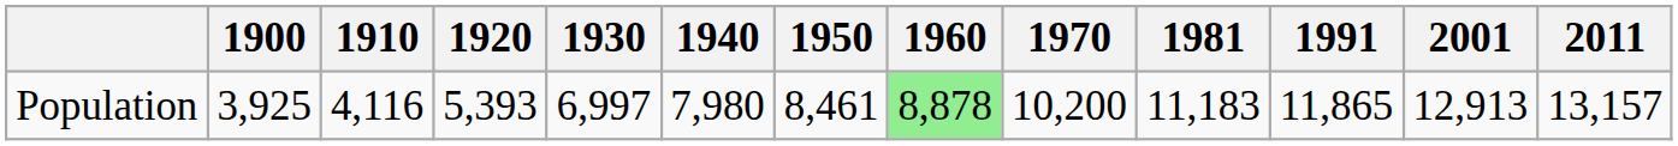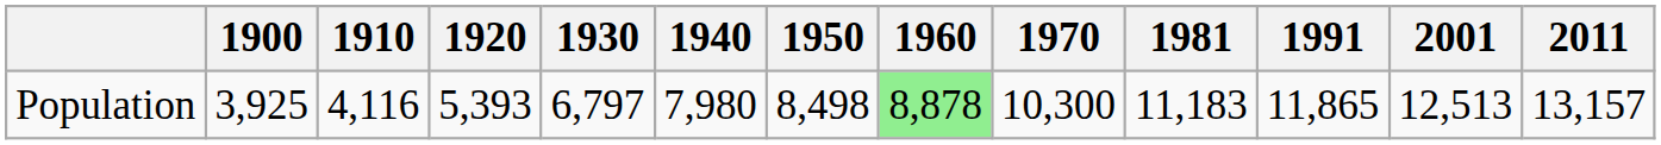 <table Class="wikitable">
 <tr>
 <th></th>
 <th>1900</th>
 <th>1910</th>
 <th>1920</th>
 <th>1930</th>
 <th>1940</th>
 <th>1950</th>
 <th>1960</th>
 <th>1970</th>
 <th>1981</th>
 <th>1991</th>
 <th>2001</th>
 <th>2011</th>
 </tr>
 <tr>
 <td>Population</td>
 <td>3,925</td>
 <td>4,116</td>
 <td>5,393</td>
-<td>6,997</td>
+<td>6,797</td>
 <td>7,980</td>
-<td>8,461</td>
+<td>8,498</td>
 <td style="background: lightgreen;">8,878</td>
-<td>10,200</td>
+<td>10,300</td>
 <td>11,183</td>
 <td>11,865</td>
-<td>12,913</td>
+<td>12,513</td>
 <td>13,157</td>
 </tr>
 </table>
